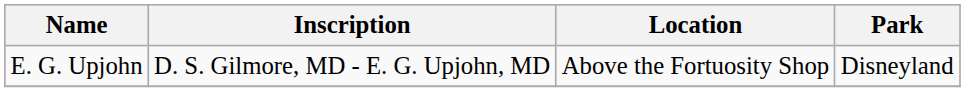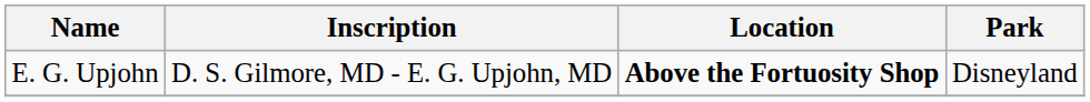 <table class="wikitable" style="font-size: 95%">
 <tr>
 <th>Name</th>
 <th>Inscription</th>
 <th>Location</th>
 <th>Park</th>
 </tr>
 <tr>
 <td>E. G. Upjohn</td>
 <td>D. S. Gilmore, MD - E. G. Upjohn, MD</td>
-<td>Above the Fortuosity Shop</td>
+<td><strong>Above the Fortuosity Shop</strong></td>
 <td>Disneyland</td>
 </tr>
 <tr>
 </tr>
 </table>
